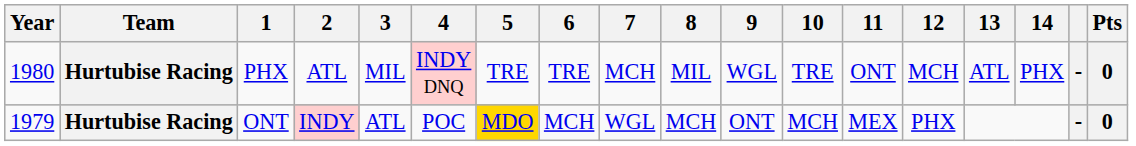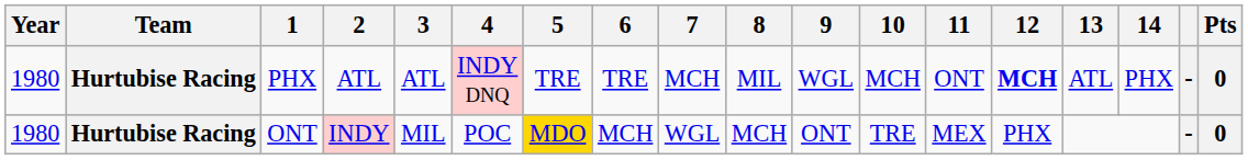 <table class="wikitable" style="text-align:center; font-size:90%">
 <tr>
 <th>Year</th>
 <th>Team</th>
 <th>1</th>
 <th>2</th>
 <th>3</th>
 <th>4</th>
 <th>5</th>
 <th>6</th>
 <th>7</th>
 <th>8</th>
 <th>9</th>
 <th>10</th>
 <th>11</th>
 <th>12</th>
 <th>13</th>
 <th>14</th>
 <th></th>
 <th>Pts</th>
 </tr>
 <tr>
 <td><a href='#'>1980</a></td>
 <th>Hurtubise Racing</th>
 <td><a href='#'>PHX</a></td>
 <td><a href='#'>ATL</a></td>
-<td><a href='#'>MIL</a><br></td>
+<td><a href='#'>ATL</a></td>
 <td style="background:#ffcfcf;"><a href='#'>INDY</a><br><small>DNQ</small></td>
 <td><a href='#'>TRE</a></td>
 <td><a href='#'>TRE</a></td>
 <td><a href='#'>MCH</a></td>
 <td><a href='#'>MIL</a><br></td>
 <td><a href='#'>WGL</a></td>
-<td><a href='#'>TRE</a></td>
+<td><a href='#'>MCH</a><br></td>
 <td><a href='#'>ONT</a></td>
-<td><a href='#'>MCH</a></td>
+<td><strong><a href='#'>MCH</a></strong></td>
 <td><a href='#'>ATL</a></td>
 <td><a href='#'>PHX</a></td>
 <th>-</th>
 <th>0</th>
 </tr>
 <tr>
-<td><a href='#'>1979</a></td>
+<td><a href='#'>1980</a></td>
 <th>Hurtubise Racing</th>
 <td><a href='#'>ONT</a><br></td>
 <td style="background:#ffcfcf;"><a href='#'>INDY</a><br></td>
-<td><a href='#'>ATL</a></td>
+<td><a href='#'>MIL</a><br></td>
 <td><a href='#'>POC</a><br></td>
 <td style="background: gold;"><a href='#'>MDO</a><br></td>
 <td><a href='#'>MCH</a><br></td>
 <td><a href='#'>WGL</a><br></td>
 <td><a href='#'>MCH</a></td>
 <td><a href='#'>ONT</a><br></td>
-<td><a href='#'>MCH</a><br></td>
+<td><a href='#'>TRE</a></td>
 <td><a href='#'>MEX</a><br></td>
 <td><a href='#'>PHX</a><br></td>
 <td colspan=2></td>
 <th>-</th>
 <th>0</th>
 </tr>
 </table>
